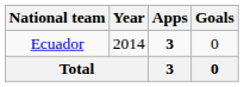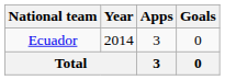 <table class="wikitable" style="text-align:center">
 <tr>
 <th>National team</th>
 <th>Year</th>
 <th>Apps</th>
 <th>Goals</th>
 </tr>
 <tr>
 <td><a href='#'>Ecuador</a></td>
 <td>2014</td>
-<td><strong>3</strong></td>
+<td>3</td>
 <td>0</td>
 </tr>
 <tr>
 <th colspan="2">Total</th>
 <th>3</th>
 <th>0</th>
 </tr>
 </table>
